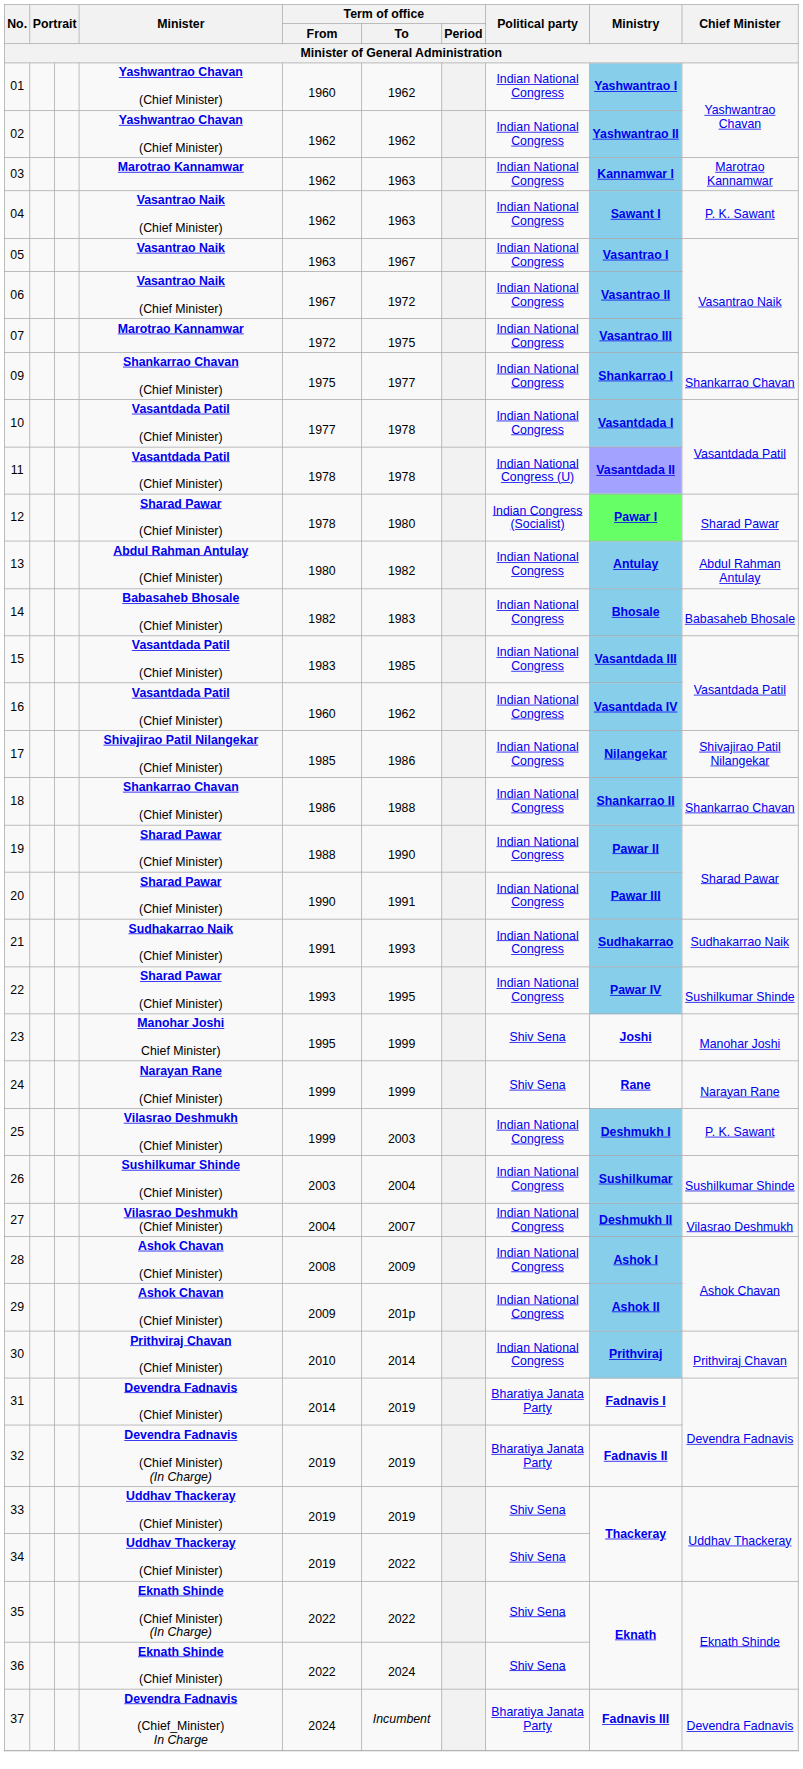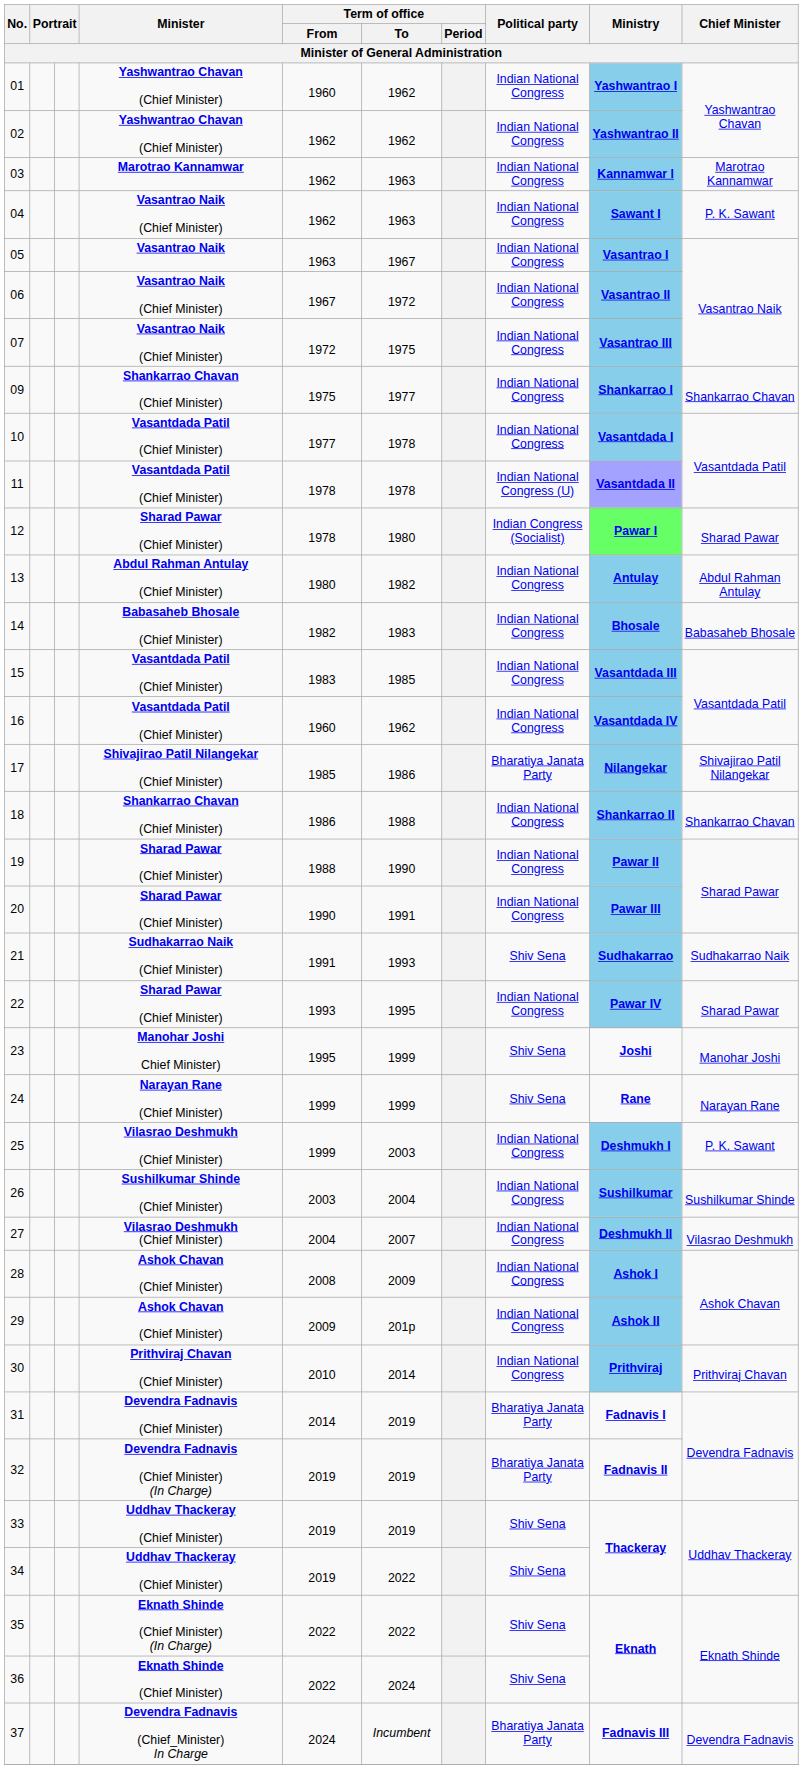 <table class="wikitable" style="text-align:center">
 <tr>
 <th rowspan="2">No.</th>
 <th rowspan="2" colspan="2">Portrait</th>
 <th rowspan="2" style="width:16em">Minister<br></th>
 <th colspan="3">Term of office</th>
 <th rowspan="2" style="width:8em">Political party</th>
 <th rowspan="2">Ministry</th>
 <th rowspan="2" style="width:9em">Chief Minister</th>
 </tr>
 <tr>
 <th style="width:6em">From</th>
 <th style="width:6em">To</th>
 <th>Period</th>
 </tr>
 <tr>
 <th colspan="10">Minister of General Administration</th>
 </tr>
 <tr>
 <td>01</td>
 <td style="color:inherit;background:"></td>
 <td></td>
 <td><strong><a href='#'>Yashwantrao Chavan</a></strong> <br> <br>(Chief Minister)</td>
 <td><br>1960</td>
 <td><br>1962</td>
 <th></th>
 <td><a href='#'>Indian National Congress</a></td>
 <td bgcolor="#87CEEB"><a href='#'><strong>Yashwantrao I</strong></a></td>
 <td rowspan="2"> <br><a href='#'>Yashwantrao Chavan</a></td>
 </tr>
 <tr>
 <td>02</td>
 <td style="color:inherit;background:"></td>
 <td></td>
 <td><strong><a href='#'>Yashwantrao Chavan</a></strong> <br>  <br>(Chief Minister)</td>
 <td><br>1962</td>
 <td><br>1962</td>
 <th></th>
 <td><a href='#'>Indian National Congress</a></td>
 <td bgcolor="#87CEEB"><a href='#'><strong>Yashwantrao II</strong></a></td>
 </tr>
 <tr>
 <td>03</td>
 <td style="color:inherit;background:"></td>
 <td></td>
 <td><strong><a href='#'>Marotrao Kannamwar</a></strong> <br><br> </td>
 <td><br>1962</td>
 <td><br>1963</td>
 <th></th>
 <td><a href='#'>Indian National Congress</a></td>
 <td bgcolor="#87CEEB"><a href='#'><strong>Kannamwar l</strong></a></td>
 <td><a href='#'>Marotrao Kannamwar</a></td>
 </tr>
 <tr>
 <td>04</td>
 <td style="color:inherit;background:"></td>
 <td></td>
 <td><strong><a href='#'>Vasantrao Naik</a></strong> <br> <br>(Chief Minister)</td>
 <td><br>1962</td>
 <td><br>1963</td>
 <th></th>
 <td><a href='#'>Indian National Congress</a></td>
 <td bgcolor="#87CEEB"><a href='#'><strong>Sawant I</strong></a></td>
 <td><a href='#'>P. K. Sawant</a></td>
 </tr>
 <tr>
 <td>05</td>
 <td style="color:inherit;background:"></td>
 <td></td>
 <td rowspan="01"><strong><a href='#'>Vasantrao Naik</a></strong><br><br> </td>
 <td><br>1963</td>
 <td><br>1967</td>
 <th></th>
 <td><a href='#'>Indian National Congress</a></td>
 <td bgcolor="#87CEEB"><a href='#'><strong>Vasantrao I</strong></a></td>
 <td rowspan="3"><br><a href='#'>Vasantrao Naik</a></td>
 </tr>
 <tr>
 <td>06</td>
 <td style="color:inherit;background:"></td>
 <td></td>
 <td><strong><a href='#'>Vasantrao Naik</a></strong> <br> <br>(Chief Minister)</td>
 <td><br>1967</td>
 <td><br>1972</td>
 <th></th>
 <td><a href='#'>Indian National Congress</a></td>
 <td rowspan="1" bgcolor="#87CEEB"><a href='#'><strong>Vasantrao II</strong></a></td>
 </tr>
 <tr>
 <td>07</td>
 <td style="color:inherit;background:"></td>
 <td></td>
-<td><strong><a href='#'>Marotrao Kannamwar</a></strong> <br><br> </td>
+<td><strong><a href='#'>Vasantrao Naik</a></strong> <br> <br>(Chief Minister)</td>
 <td><br>1972</td>
 <td><br>1975</td>
 <th></th>
 <td><a href='#'>Indian National Congress</a></td>
 <td bgcolor="#87CEEB"><a href='#'><strong>Vasantrao III</strong></a></td>
 </tr>
 <tr>
 <td>09</td>
 <td style="color:inherit;background:"></td>
 <td></td>
 <td><strong><a href='#'>Shankarrao Chavan</a></strong> <br> <br>(Chief Minister)</td>
 <td><br>1975</td>
 <td><br>1977</td>
 <th></th>
 <td><a href='#'>Indian National Congress</a></td>
 <td bgcolor="#87CEEB"><a href='#'><strong>Shankarrao I</strong></a></td>
 <td><br><a href='#'>Shankarrao Chavan</a></td>
 </tr>
 <tr>
 <td>10</td>
 <td style="color:inherit;background:"></td>
 <td></td>
 <td><strong><a href='#'>Vasantdada Patil</a></strong> <br> <br>(Chief Minister)</td>
 <td><br>1977</td>
 <td><br>1978</td>
 <th></th>
 <td><a href='#'>Indian National Congress</a></td>
 <td rowspan="1" bgcolor="#88CEEB"><a href='#'><strong>Vasantdada I</strong></a></td>
 <td rowspan="2"><br><a href='#'>Vasantdada Patil</a></td>
 </tr>
 <tr>
 <td>11</td>
 <td style="color:inherit;background:"></td>
 <td></td>
 <td><strong><a href='#'>Vasantdada Patil</a></strong> <br>  <br>(Chief Minister)</td>
 <td><br>1978</td>
 <td><br>1978</td>
 <th></th>
 <td><a href='#'>Indian National Congress (U)</a></td>
 <td bgcolor="#A3A3FF"><a href='#'><strong>Vasantdada II</strong></a></td>
 </tr>
 <tr>
 <td>12</td>
 <td style="color:inherit;background:"></td>
 <td></td>
 <td><strong><a href='#'>Sharad Pawar</a></strong> <br> <br> (Chief Minister)</td>
 <td><br>1978</td>
 <td><br>1980</td>
 <th></th>
 <td><a href='#'>Indian Congress (Socialist)</a></td>
 <td rowspan="1" bgcolor="#66FF66"><a href='#'><strong>Pawar I</strong></a></td>
 <td rowspan="1"><br><a href='#'>Sharad Pawar</a></td>
 </tr>
 <tr>
 <td>13</td>
 <td style="color:inherit;background:"></td>
 <td></td>
 <td><strong><a href='#'>Abdul Rahman Antulay</a></strong> <br> <br>(Chief Minister)</td>
 <td><br>1980</td>
 <td><br>1982</td>
 <th></th>
 <td><a href='#'>Indian National Congress</a></td>
 <td bgcolor="#87CEEB"><a href='#'><strong>Antulay</strong></a></td>
 <td rowspan="1"> <br><a href='#'>Abdul Rahman Antulay</a></td>
 </tr>
 <tr>
 <td>14</td>
 <td style="color:inherit;background:"></td>
 <td></td>
 <td><strong><a href='#'>Babasaheb Bhosale</a></strong> <br> <br>(Chief Minister)</td>
 <td><br>1982</td>
 <td><br>1983</td>
 <th></th>
 <td><a href='#'>Indian National Congress</a></td>
 <td bgcolor="#87CEEB"><a href='#'><strong>Bhosale</strong></a></td>
 <td rowspan="1"> <br><a href='#'>Babasaheb Bhosale</a></td>
 </tr>
 <tr>
 <td>15</td>
 <td style="color:inherit;background:"></td>
 <td></td>
 <td><strong><a href='#'>Vasantdada Patil</a></strong> <br>  <br>(Chief Minister)</td>
 <td><br>1983</td>
 <td><br>1985</td>
 <th></th>
 <td><a href='#'>Indian National Congress</a></td>
 <td bgcolor="#87CEEB"><a href='#'><strong>Vasantdada III</strong></a></td>
 <td rowspan="2"><br><a href='#'>Vasantdada Patil</a></td>
 </tr>
 <tr>
 <td>16</td>
 <td style="color:inherit;background:"></td>
 <td></td>
 <td><strong><a href='#'>Vasantdada Patil</a></strong> <br> <br>(Chief Minister)</td>
 <td><br>1960</td>
 <td><br>1962</td>
 <th></th>
 <td><a href='#'>Indian National Congress</a></td>
 <td bgcolor="#87CEEB"><a href='#'><strong>Vasantdada IV</strong></a></td>
 </tr>
 <tr>
 <td>17</td>
 <td style="color:inherit;background:"></td>
 <td></td>
 <td><strong><a href='#'>Shivajirao Patil Nilangekar</a></strong> <br> <br>(Chief Minister)</td>
 <td><br>1985</td>
 <td><br>1986</td>
 <th></th>
-<td><a href='#'>Indian National Congress</a></td>
+<td><a href='#'>Bharatiya Janata Party</a></td>
 <td bgcolor="#87CEEB"><a href='#'><strong>Nilangekar</strong></a></td>
 <td><a href='#'>Shivajirao Patil Nilangekar</a></td>
 </tr>
 <tr>
 <td>18</td>
 <td style="color:inherit;background:"></td>
 <td></td>
 <td><strong><a href='#'>Shankarrao Chavan</a></strong> <br> <br>(Chief Minister)</td>
 <td><br>1986</td>
 <td><br>1988</td>
 <th></th>
 <td><a href='#'>Indian National Congress</a></td>
 <td bgcolor="#87CEEB"><a href='#'><strong>Shankarrao II</strong></a></td>
 <td rowspan="1"> <br><a href='#'>Shankarrao Chavan</a></td>
 </tr>
 <tr>
 <td>19</td>
 <td style="color:inherit;background:"></td>
 <td></td>
 <td><strong><a href='#'>Sharad Pawar</a></strong> <br> <br> (Chief Minister)</td>
 <td><br>1988</td>
 <td><br>1990</td>
 <th></th>
 <td><a href='#'>Indian National Congress</a></td>
 <td bgcolor="#87CEEB"><a href='#'><strong>Pawar II</strong></a></td>
 <td rowspan="2"> <br><a href='#'>Sharad Pawar</a></td>
 </tr>
 <tr>
 <td>20</td>
 <td style="color:inherit;background:"></td>
 <td></td>
 <td><strong><a href='#'>Sharad Pawar</a></strong> <br> <br> (Chief Minister)</td>
 <td><br>1990</td>
 <td><br>1991</td>
 <th></th>
 <td><a href='#'>Indian National Congress</a></td>
 <td bgcolor="#87CEEB"><a href='#'><strong>Pawar III</strong></a></td>
 </tr>
 <tr>
 <td>21</td>
 <td style="color:inherit;background:"></td>
 <td></td>
 <td><strong><a href='#'>Sudhakarrao Naik</a></strong> <br> <br>(Chief Minister)</td>
 <td><br>1991</td>
 <td><br>1993</td>
 <th></th>
-<td><a href='#'>Indian National Congress</a></td>
+<td><a href='#'>Shiv Sena</a></td>
 <td rowspan="1" bgcolor="#87CEEB"><a href='#'><strong>Sudhakarrao</strong></a></td>
 <td rowspan="1"><a href='#'>Sudhakarrao Naik</a></td>
 </tr>
 <tr>
 <td>22</td>
 <td style="color:inherit;background:"></td>
 <td></td>
 <td><strong><a href='#'>Sharad Pawar</a></strong> <br> <br>(Chief Minister)</td>
 <td><br>1993</td>
 <td><br>1995</td>
 <th></th>
 <td><a href='#'>Indian National Congress</a></td>
 <td bgcolor="#87CEEB"><a href='#'><strong>Pawar IV</strong></a></td>
-<td rowspan="1"> <br><a href='#'>Sushilkumar Shinde</a></td>
+<td> <br><a href='#'>Sharad Pawar</a></td>
 </tr>
 <tr>
 <td>23</td>
 <td style="color:inherit;background:"></td>
 <td></td>
 <td><strong><a href='#'>Manohar Joshi</a></strong><br>  <br>Chief Minister)</td>
 <td><br>1995</td>
 <td><br>1999</td>
 <th></th>
 <td><a href='#'>Shiv Sena</a></td>
 <td rowspan="1"><a href='#'><strong>Joshi</strong></a></td>
 <td rowspan="1"> <br><a href='#'>Manohar Joshi</a></td>
 </tr>
 <tr>
 <td>24</td>
 <td style="color:inherit;background:"></td>
 <td></td>
 <td><strong><a href='#'>Narayan Rane</a></strong><br>  <br>(Chief Minister)</td>
 <td><br>1999</td>
 <td><br>1999</td>
 <th></th>
 <td><a href='#'>Shiv Sena</a></td>
 <td><a href='#'><strong>Rane</strong></a></td>
 <td> <br><a href='#'>Narayan Rane</a></td>
 </tr>
 <tr>
 <td>25</td>
 <td style="color:inherit;background:"></td>
 <td></td>
 <td><strong><a href='#'>Vilasrao Deshmukh</a></strong><br>  <br>(Chief Minister)</td>
 <td><br>1999</td>
 <td><br>2003</td>
 <th></th>
 <td><a href='#'>Indian National Congress</a></td>
 <td rowspan="1" bgcolor="#87CEEB"><a href='#'><strong>Deshmukh I</strong></a></td>
 <td><a href='#'>P. K. Sawant</a></td>
 </tr>
 <tr>
 <td>26</td>
 <td style="color:inherit;background:"></td>
 <td></td>
 <td><strong><a href='#'>Sushilkumar Shinde</a></strong> <br> <br>(Chief Minister)</td>
 <td><br>2003</td>
 <td><br>2004</td>
 <th></th>
 <td><a href='#'>Indian National Congress</a></td>
 <td rowspan="1" bgcolor="#87CEEB"><a href='#'><strong>Sushilkumar</strong></a></td>
 <td rowspan="1"> <br><a href='#'>Sushilkumar Shinde</a></td>
 </tr>
 <tr>
 <td>27</td>
 <td style="color:inherit;background:"></td>
 <td></td>
 <td><strong><a href='#'>Vilasrao Deshmukh</a></strong><br>  (Chief Minister)</td>
 <td><br>2004</td>
 <td><br>2007</td>
 <th></th>
 <td><a href='#'>Indian National Congress</a></td>
 <td bgcolor="#87CEEB"><a href='#'><strong>Deshmukh II</strong></a></td>
 <td> <br><a href='#'>Vilasrao Deshmukh</a></td>
 </tr>
 <tr>
 <td>28</td>
 <td style="color:inherit;background:"></td>
 <td></td>
 <td><strong><a href='#'>Ashok Chavan</a></strong> <br> <br>(Chief Minister)</td>
 <td><br>2008</td>
 <td><br>2009</td>
 <th></th>
 <td><a href='#'>Indian National Congress</a></td>
 <td bgcolor="#87CEEB"><a href='#'><strong>Ashok I</strong></a></td>
 <td rowspan="2"><br><a href='#'>Ashok Chavan</a></td>
 </tr>
 <tr>
 <td>29</td>
 <td style="color:inherit;background:"></td>
 <td></td>
 <td><strong><a href='#'>Ashok Chavan</a></strong> <br> <br>(Chief Minister)</td>
 <td><br>2009</td>
 <td><br>201p</td>
 <th></th>
 <td><a href='#'>Indian National Congress</a></td>
 <td bgcolor="#87CEEB"><a href='#'><strong>Ashok II</strong></a></td>
 </tr>
 <tr>
 <td>30</td>
 <td style="color:inherit;background:"></td>
 <td></td>
 <td><strong><a href='#'>Prithviraj Chavan</a></strong> <br> <br>(Chief Minister)</td>
 <td><br>2010</td>
 <td><br>2014</td>
 <th></th>
 <td><a href='#'>Indian National Congress</a></td>
 <td rowspan="1" bgcolor="#87CEEB"><a href='#'><strong>Prithviraj</strong></a></td>
 <td rowspan="1"><br><a href='#'>Prithviraj Chavan</a></td>
 </tr>
 <tr>
 <td>31</td>
 <td style="color:inherit;background:"></td>
 <td></td>
 <td><strong><a href='#'>Devendra Fadnavis</a></strong>  <br> <br>(Chief Minister)</td>
 <td><br>2014</td>
 <td><br>2019</td>
 <th></th>
 <td><a href='#'>Bharatiya Janata Party</a></td>
 <td rowspan="1"><a href='#'><strong>Fadnavis I</strong></a></td>
 <td rowspan="2"> <br><a href='#'>Devendra Fadnavis</a></td>
 </tr>
 <tr>
 <td>32</td>
 <td style="color:inherit;background:"></td>
 <td></td>
 <td><strong><a href='#'>Devendra Fadnavis</a></strong>  <br> <br>(Chief Minister) <br><em>(In Charge)</em></td>
 <td><br>2019</td>
 <td><br>2019</td>
 <th></th>
 <td><a href='#'>Bharatiya Janata Party</a></td>
 <td rowspan="1"><a href='#'><strong>Fadnavis II</strong></a></td>
 </tr>
 <tr>
 <td>33</td>
 <td style="color:inherit;background:"></td>
 <td></td>
 <td><strong><a href='#'>Uddhav Thackeray</a></strong> <br> <br>(Chief Minister)</td>
 <td><br>2019</td>
 <td><br>2019</td>
 <th></th>
 <td><a href='#'>Shiv Sena</a></td>
 <td rowspan="2"><a href='#'><strong>Thackeray</strong></a></td>
 <td rowspan="2"> <br><a href='#'>Uddhav Thackeray</a></td>
 </tr>
 <tr>
 <td>34</td>
 <td style="color:inherit;background:"></td>
 <td></td>
 <td><strong><a href='#'>Uddhav Thackeray</a></strong><br>  <br>(Chief Minister)</td>
 <td><br>2019</td>
 <td><br>2022</td>
 <th></th>
 <td><a href='#'>Shiv Sena</a></td>
 </tr>
 <tr>
 <td>35</td>
 <td style="color:inherit;background:"></td>
 <td></td>
 <td><strong><a href='#'>Eknath Shinde</a></strong> <br> <br>(Chief Minister) <br><em>(In Charge)</em></td>
 <td><br>2022</td>
 <td><br>2022</td>
 <th></th>
 <td><a href='#'>Shiv Sena</a></td>
 <td rowspan="2"><a href='#'><strong>Eknath</strong></a></td>
 <td rowspan="2"> <br><a href='#'>Eknath Shinde</a></td>
 </tr>
 <tr>
 <td>36</td>
 <td style="color:inherit;background:"></td>
 <td></td>
 <td><strong><a href='#'>Eknath Shinde</a></strong> <br> <br>(Chief Minister)</td>
 <td><br>2022</td>
 <td><br>2024</td>
 <th></th>
 <td><a href='#'>Shiv Sena</a></td>
 </tr>
 <tr>
 <td>37</td>
 <td style="color:inherit;background:"></td>
 <td></td>
 <td><strong><a href='#'>Devendra Fadnavis</a></strong>  <br> <br>(Chief_Minister) <br><em>In Charge</em></td>
 <td><br>2024</td>
 <td><em>Incumbent</em></td>
 <th></th>
 <td><a href='#'>Bharatiya Janata Party</a></td>
 <td rowspan="1"><a href='#'><strong>Fadnavis III</strong></a></td>
 <td rowspan="1"> <br><a href='#'>Devendra Fadnavis</a></td>
 </tr>
 <tr>
 </tr>
 </table>
